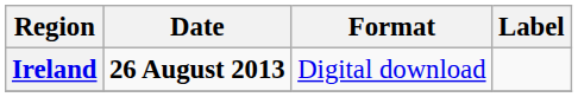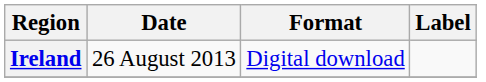 <table class="wikitable sortable plainrowheaders" style="text-align:center">
 <tr>
 <th>Region</th>
 <th>Date</th>
 <th>Format</th>
 <th>Label</th>
 </tr>
 <tr>
 <th scope="row"><a href='#'>Ireland</a></th>
-<td><strong>26 August 2013</strong></td>
+<td>26 August 2013</td>
 <td><a href='#'>Digital download</a></td>
 <td></td>
 </tr>
 <tr>
 </tr>
 </table>
